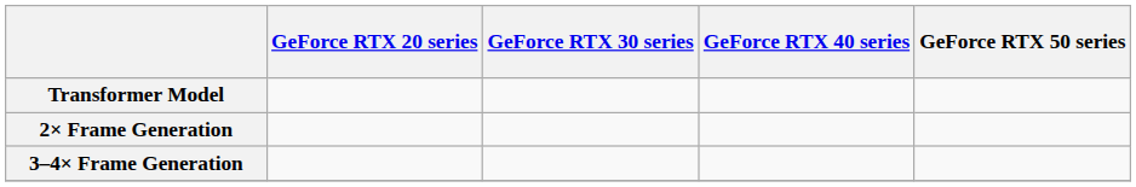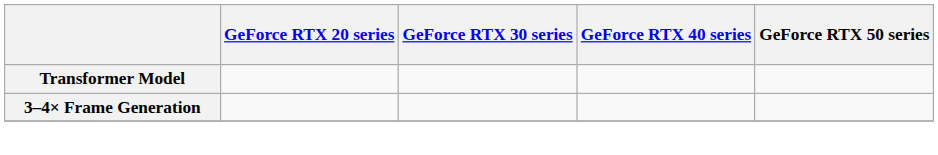 <table class="wikitable plainrowheaders" style="text-align:left; font-size:90%;">
 <tr>
 <th style="width:12em; height:3em;"></th>
 <th><a href='#'>GeForce RTX 20 series</a></th>
 <th><a href='#'>GeForce RTX 30 series</a></th>
 <th><a href='#'>GeForce RTX 40 series</a></th>
 <th>GeForce RTX 50 series</th>
 </tr>
 <tr>
 <th scope="row" style"height:2em;">Transformer Model</th>
 <td></td>
 <td></td>
 <td></td>
 <td></td>
 </tr>
 <tr>
-<th scope="row" style"height:2em;">2× Frame Generation</th>
-<td></td>
-<td></td>
-<td></td>
-<td></td>
-</tr>
-<tr>
 <th scope="row" style"height:2em;">3–4× Frame Generation</th>
 <td></td>
 <td></td>
 <td></td>
 <td></td>
 </tr>
 <tr>
 </tr>
 </table>
